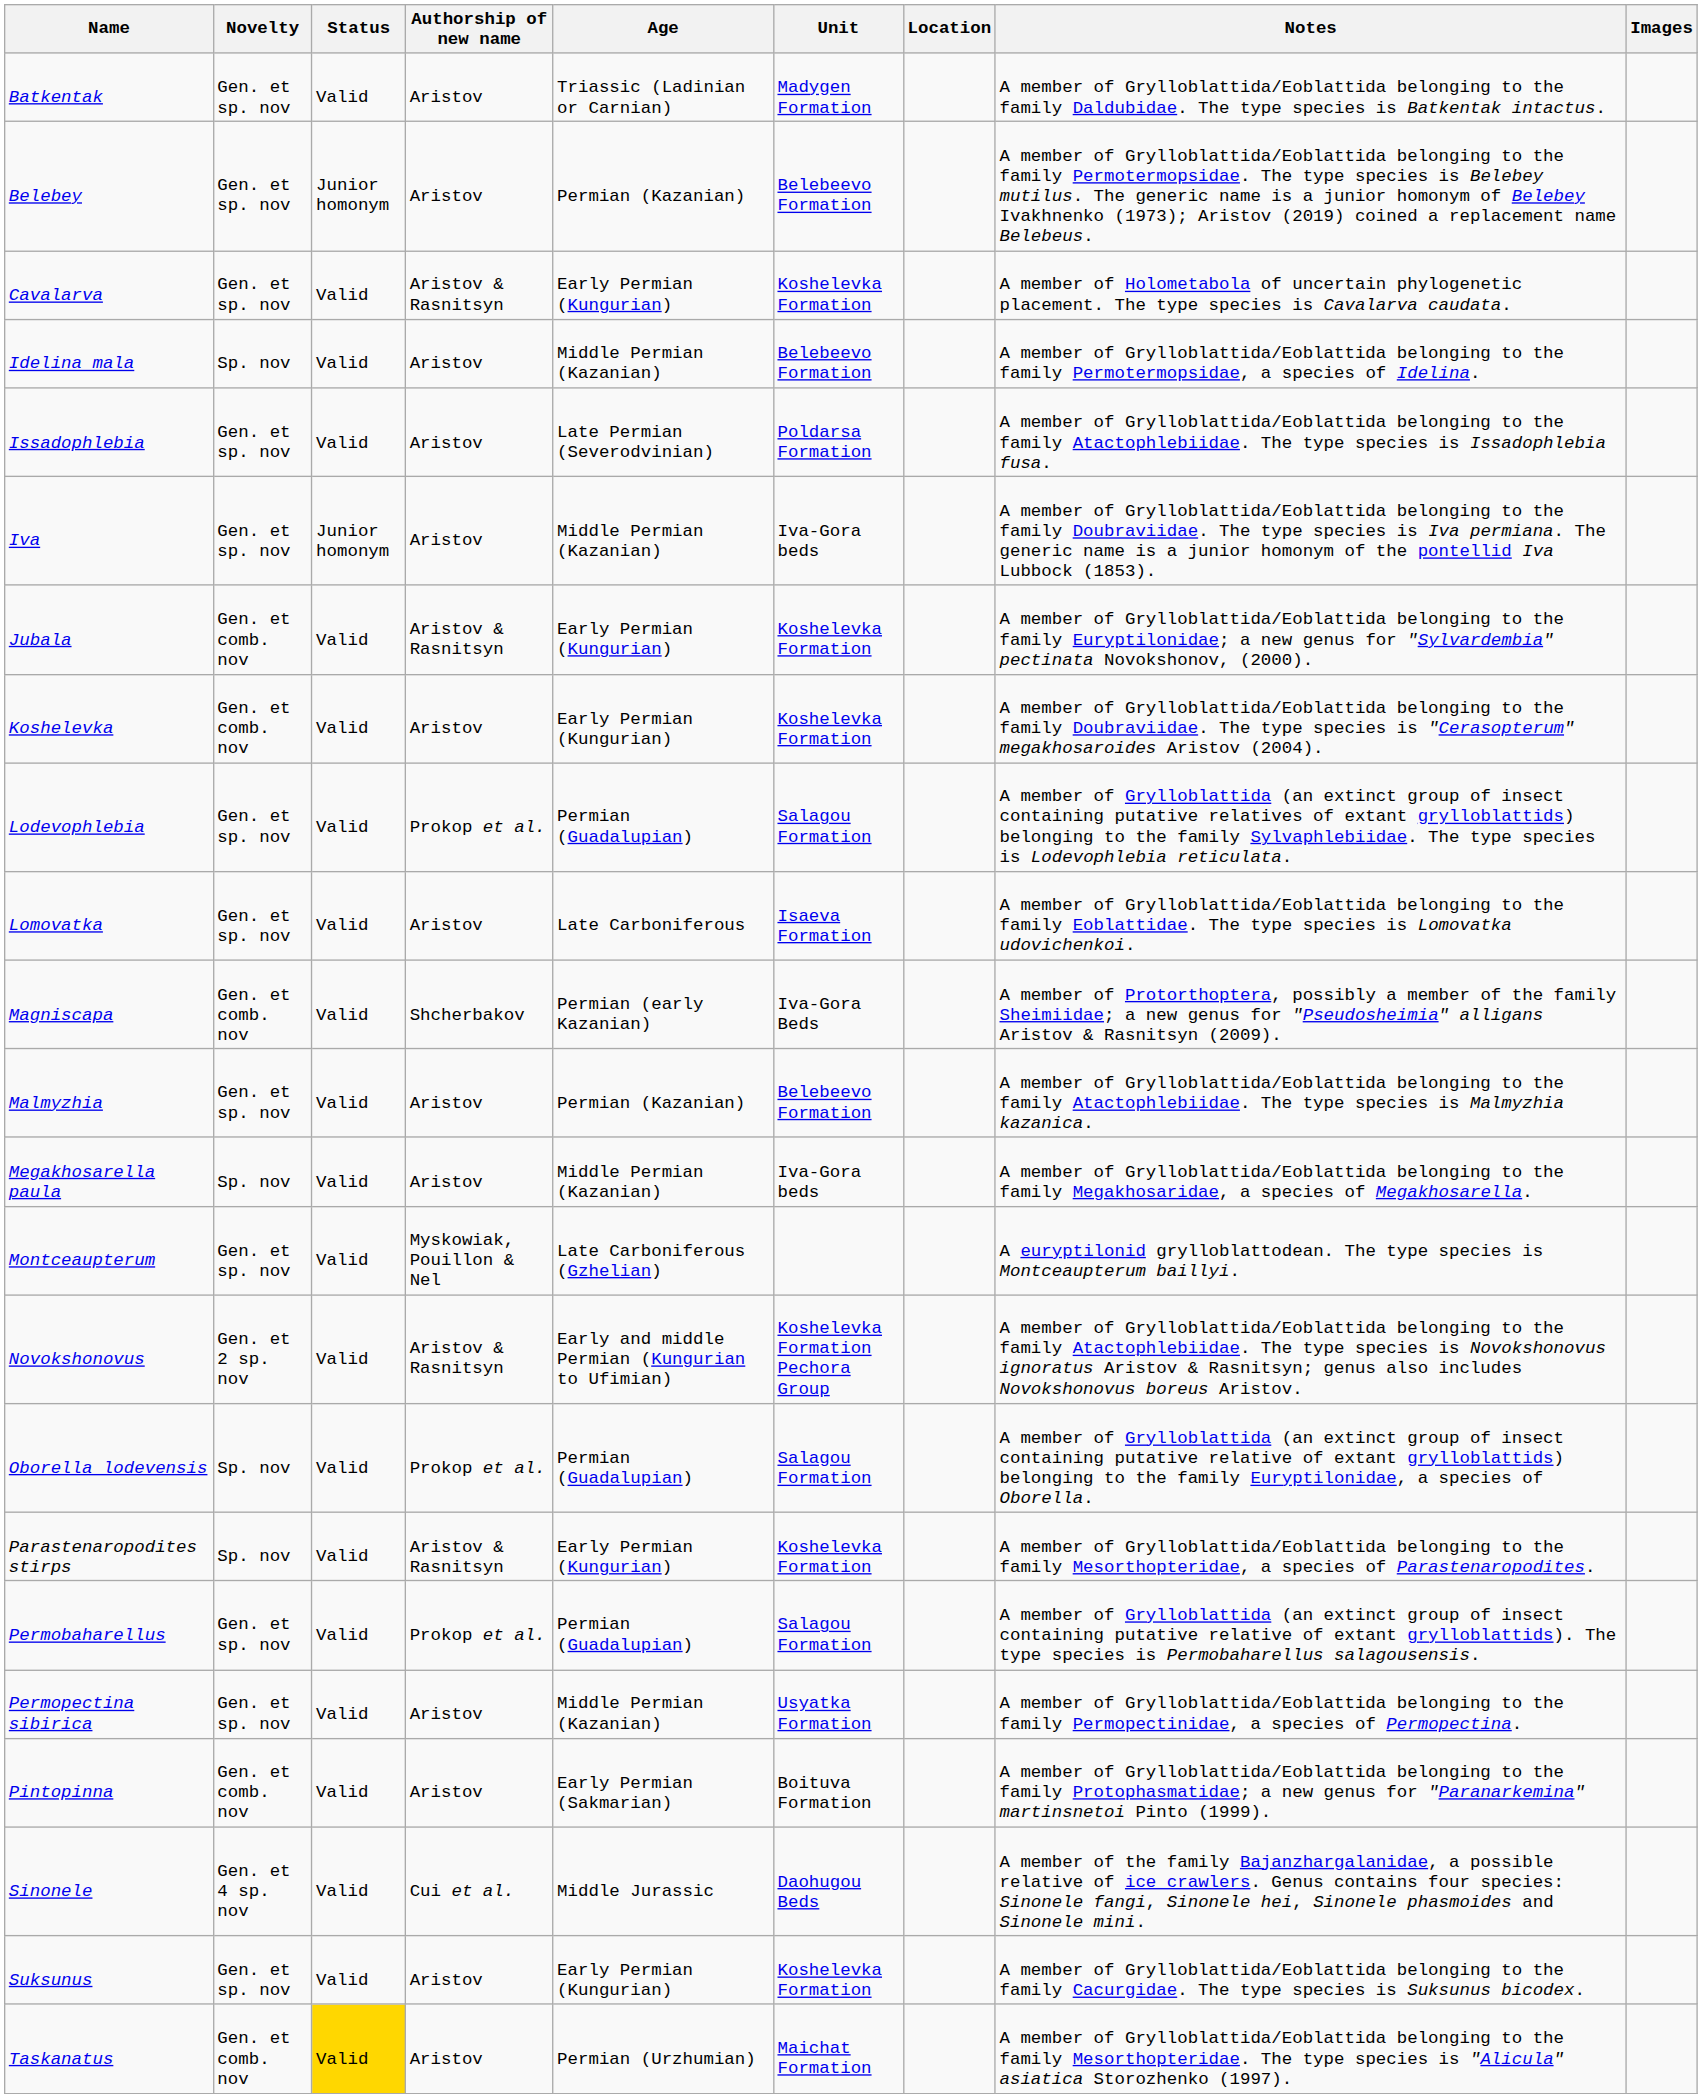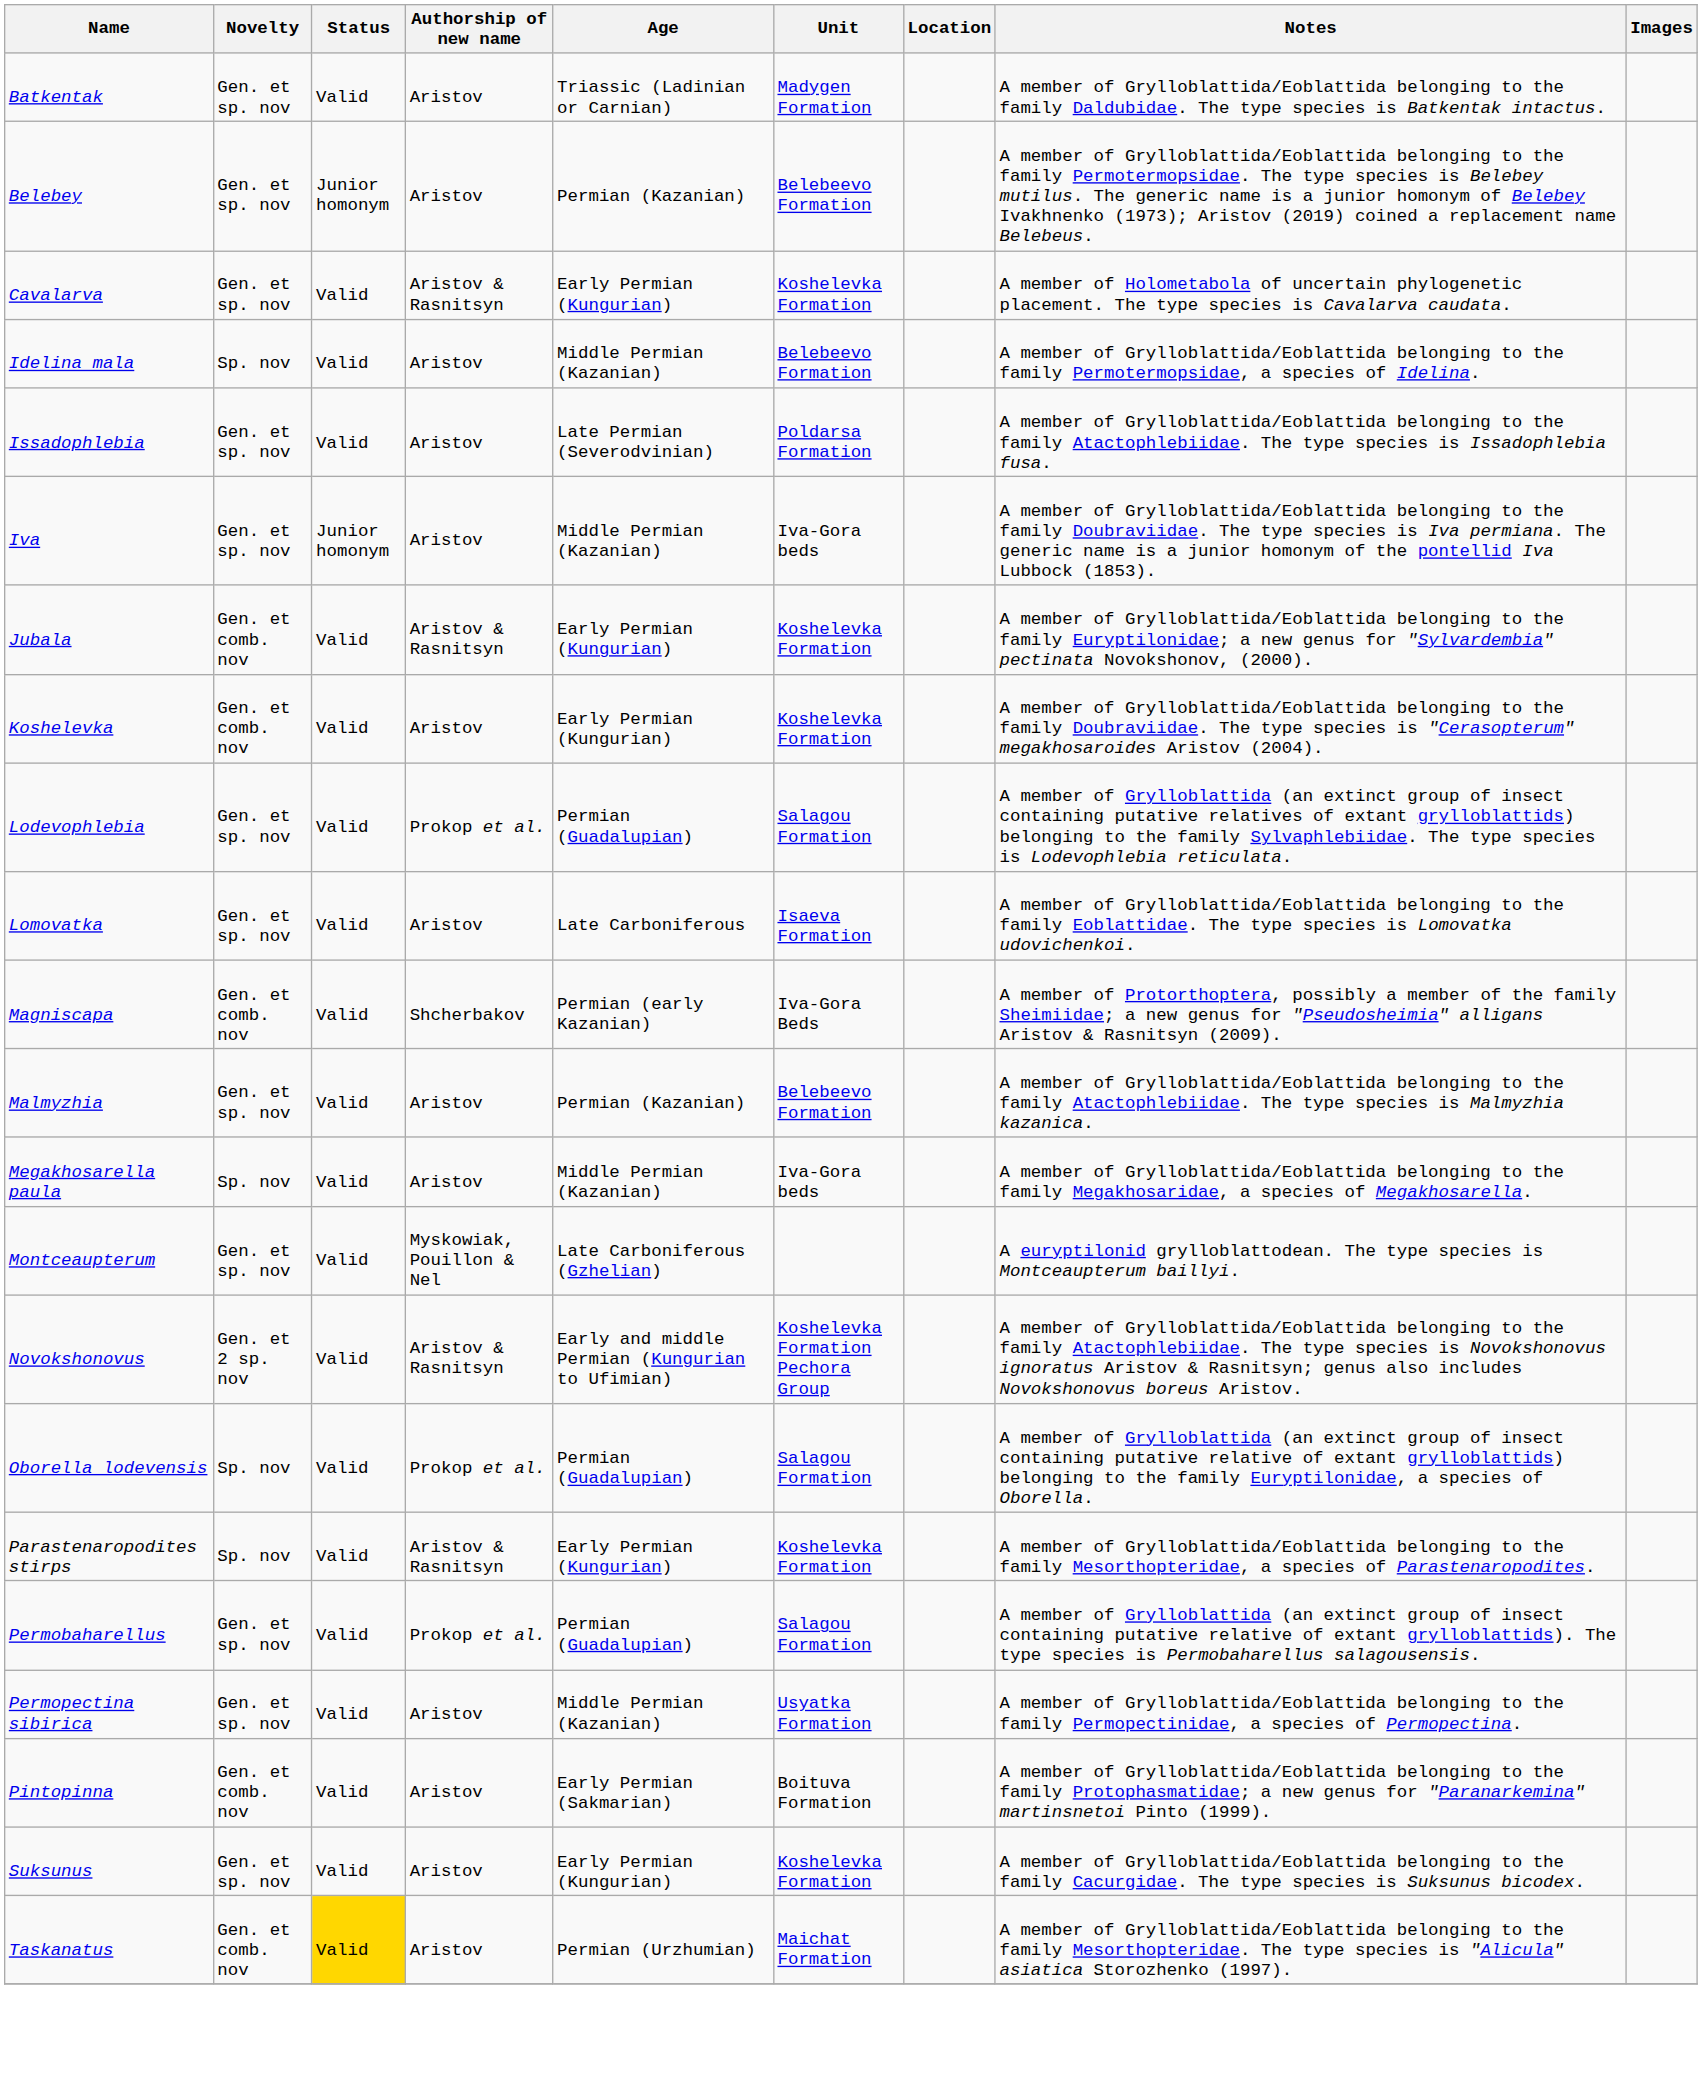 <table class="wikitable sortable" align="center" width="100%">
 <tr>
 <th>Name</th>
 <th>Novelty</th>
 <th>Status</th>
 <th>Authorship of new name</th>
 <th>Age</th>
 <th>Unit</th>
 <th>Location</th>
 <th>Notes</th>
 <th>Images</th>
 </tr>
 <tr>
 <td><br><em><a href='#'>Batkentak</a></em></td>
 <td><br>Gen. et sp. nov</td>
 <td><br>Valid</td>
 <td><br>Aristov</td>
 <td><br>Triassic (Ladinian or Carnian)</td>
 <td><br><a href='#'>Madygen Formation</a></td>
 <td><br></td>
 <td><br>A member of Grylloblattida/Eoblattida belonging to the family <a href='#'>Daldubidae</a>. The type species is <em>Batkentak intactus</em>.</td>
 <td></td>
 </tr>
 <tr>
 <td><br><em><a href='#'>Belebey</a></em></td>
 <td><br>Gen. et sp. nov</td>
 <td><br>Junior homonym</td>
 <td><br>Aristov</td>
 <td><br>Permian (Kazanian)</td>
 <td><br><a href='#'>Belebeevo Formation</a></td>
 <td><br></td>
 <td><br>A member of Grylloblattida/Eoblattida belonging to the family <a href='#'>Permotermopsidae</a>. The type species is <em>Belebey mutilus</em>. The generic name is a junior homonym of <em><a href='#'>Belebey</a></em> Ivakhnenko (1973); Aristov (2019) coined a replacement name <em>Belebeus</em>.</td>
 <td></td>
 </tr>
 <tr>
 <td><br><em><a href='#'>Cavalarva</a></em></td>
 <td><br>Gen. et sp. nov</td>
 <td><br>Valid</td>
 <td><br>Aristov & Rasnitsyn</td>
 <td><br>Early Permian (<a href='#'>Kungurian</a>)</td>
 <td><br><a href='#'>Koshelevka Formation</a></td>
 <td><br></td>
 <td><br>A member of <a href='#'>Holometabola</a> of uncertain phylogenetic placement. The type species is <em>Cavalarva caudata</em>.</td>
 <td></td>
 </tr>
 <tr>
 <td><br><em><a href='#'>Idelina mala</a></em></td>
 <td><br>Sp. nov</td>
 <td><br>Valid</td>
 <td><br>Aristov</td>
 <td><br>Middle Permian (Kazanian)</td>
 <td><br><a href='#'>Belebeevo Formation</a></td>
 <td><br></td>
 <td><br>A member of Grylloblattida/Eoblattida belonging to the family <a href='#'>Permotermopsidae</a>, a species of <em><a href='#'>Idelina</a></em>.</td>
 <td></td>
 </tr>
 <tr>
 <td><br><em><a href='#'>Issadophlebia</a></em></td>
 <td><br>Gen. et sp. nov</td>
 <td><br>Valid</td>
 <td><br>Aristov</td>
 <td><br>Late Permian (Severodvinian)</td>
 <td><br><a href='#'>Poldarsa Formation</a></td>
 <td><br></td>
 <td><br>A member of Grylloblattida/Eoblattida belonging to the family <a href='#'>Atactophlebiidae</a>. The type species is <em>Issadophlebia fusa</em>.</td>
 <td></td>
 </tr>
 <tr>
 <td><br><em><a href='#'>Iva</a></em></td>
 <td><br>Gen. et sp. nov</td>
 <td><br>Junior homonym</td>
 <td><br>Aristov</td>
 <td><br>Middle Permian (Kazanian)</td>
 <td><br>Iva-Gora beds</td>
 <td><br></td>
 <td><br>A member of Grylloblattida/Eoblattida belonging to the family <a href='#'>Doubraviidae</a>. The type species is <em>Iva permiana</em>. The generic name is a junior homonym of the <a href='#'>pontellid</a> <em>Iva</em> Lubbock (1853).</td>
 <td></td>
 </tr>
 <tr>
 <td><br><em><a href='#'>Jubala</a></em></td>
 <td><br>Gen. et comb. nov</td>
 <td><br>Valid</td>
 <td><br>Aristov & Rasnitsyn</td>
 <td><br>Early Permian (<a href='#'>Kungurian</a>)</td>
 <td><br><a href='#'>Koshelevka Formation</a></td>
 <td><br></td>
 <td><br>A member of Grylloblattida/Eoblattida belonging to the family <a href='#'>Euryptilonidae</a>; a new genus for <em>"<a href='#'>Sylvardembia</a>" pectinata</em> Novokshonov, (2000).</td>
 <td></td>
 </tr>
 <tr>
 <td><br><em><a href='#'>Koshelevka</a></em></td>
 <td><br>Gen. et comb. nov</td>
 <td><br>Valid</td>
 <td><br>Aristov</td>
 <td><br>Early Permian (Kungurian)</td>
 <td><br><a href='#'>Koshelevka Formation</a></td>
 <td><br></td>
 <td><br>A member of Grylloblattida/Eoblattida belonging to the family <a href='#'>Doubraviidae</a>. The type species is <em>"<a href='#'>Cerasopterum</a>" megakhosaroides</em> Aristov (2004).</td>
 <td></td>
 </tr>
 <tr>
 <td><br><em><a href='#'>Lodevophlebia</a></em></td>
 <td><br>Gen. et sp. nov</td>
 <td><br>Valid</td>
 <td><br>Prokop <em>et al.</em></td>
 <td><br>Permian (<a href='#'>Guadalupian</a>)</td>
 <td><br><a href='#'>Salagou Formation</a></td>
 <td><br></td>
 <td><br>A member of <a href='#'>Grylloblattida</a> (an extinct group of insect containing putative relatives of extant <a href='#'>grylloblattids</a>) belonging to the family <a href='#'>Sylvaphlebiidae</a>. The type species is <em>Lodevophlebia reticulata</em>.</td>
 <td></td>
 </tr>
 <tr>
 <td><br><em><a href='#'>Lomovatka</a></em></td>
 <td><br>Gen. et sp. nov</td>
 <td><br>Valid</td>
 <td><br>Aristov</td>
 <td><br>Late Carboniferous</td>
 <td><br><a href='#'>Isaeva Formation</a></td>
 <td><br></td>
 <td><br>A member of Grylloblattida/Eoblattida belonging to the family <a href='#'>Eoblattidae</a>. The type species is <em>Lomovatka udovichenkoi</em>.</td>
 <td></td>
 </tr>
 <tr>
 <td><br><em><a href='#'>Magniscapa</a></em></td>
 <td><br>Gen. et comb. nov</td>
 <td><br>Valid</td>
 <td><br>Shcherbakov</td>
 <td><br>Permian (early Kazanian)</td>
 <td><br>Iva-Gora Beds</td>
 <td><br></td>
 <td><br>A member of <a href='#'>Protorthoptera</a>, possibly a member of the family <a href='#'>Sheimiidae</a>; a new genus for <em>"<a href='#'>Pseudosheimia</a>" alligans</em> Aristov & Rasnitsyn (2009).</td>
 <td></td>
 </tr>
 <tr>
 <td><br><em><a href='#'>Malmyzhia</a></em></td>
 <td><br>Gen. et sp. nov</td>
 <td><br>Valid</td>
 <td><br>Aristov</td>
 <td><br>Permian (Kazanian)</td>
 <td><br><a href='#'>Belebeevo Formation</a></td>
 <td><br></td>
 <td><br>A member of Grylloblattida/Eoblattida belonging to the family <a href='#'>Atactophlebiidae</a>. The type species is <em>Malmyzhia kazanica</em>.</td>
 <td></td>
 </tr>
 <tr>
 <td><br><em><a href='#'>Megakhosarella paula</a></em></td>
 <td><br>Sp. nov</td>
 <td><br>Valid</td>
 <td><br>Aristov</td>
 <td><br>Middle Permian (Kazanian)</td>
 <td><br>Iva-Gora beds</td>
 <td><br></td>
 <td><br>A member of Grylloblattida/Eoblattida belonging to the family <a href='#'>Megakhosaridae</a>, a species of <em><a href='#'>Megakhosarella</a></em>.</td>
 <td></td>
 </tr>
 <tr>
 <td><br><em><a href='#'>Montceaupterum</a></em></td>
 <td><br>Gen. et sp. nov</td>
 <td><br>Valid</td>
 <td><br>Myskowiak, Pouillon & Nel</td>
 <td><br>Late Carboniferous (<a href='#'>Gzhelian</a>)</td>
 <td></td>
 <td><br></td>
 <td><br>A <a href='#'>euryptilonid</a> grylloblattodean. The type species is <em>Montceaupterum baillyi</em>.</td>
 <td></td>
 </tr>
 <tr>
 <td><br><em><a href='#'>Novokshonovus</a></em></td>
 <td><br>Gen. et 2 sp. nov</td>
 <td><br>Valid</td>
 <td><br>Aristov & Rasnitsyn</td>
 <td><br>Early and middle Permian (<a href='#'>Kungurian</a> to Ufimian)</td>
 <td><br><a href='#'>Koshelevka Formation</a><br> <a href='#'>Pechora Group</a></td>
 <td><br></td>
 <td><br>A member of Grylloblattida/Eoblattida belonging to the family <a href='#'>Atactophlebiidae</a>. The type species is <em>Novokshonovus ignoratus</em> Aristov & Rasnitsyn; genus also includes <em>Novokshonovus boreus</em> Aristov.</td>
 <td></td>
 </tr>
 <tr>
 <td><br><em><a href='#'>Oborella lodevensis</a></em></td>
 <td><br>Sp. nov</td>
 <td><br>Valid</td>
 <td><br>Prokop <em>et al.</em></td>
 <td><br>Permian (<a href='#'>Guadalupian</a>)</td>
 <td><br><a href='#'>Salagou Formation</a></td>
 <td><br></td>
 <td><br>A member of <a href='#'>Grylloblattida</a> (an extinct group of insect containing putative relative of extant <a href='#'>grylloblattids</a>) belonging to the family <a href='#'>Euryptilonidae</a>, a species of <em>Oborella</em>.</td>
 <td></td>
 </tr>
 <tr>
 <td><br><em>Parastenaropodites stirps</em></td>
 <td><br>Sp. nov</td>
 <td><br>Valid</td>
 <td><br>Aristov & Rasnitsyn</td>
 <td><br>Early Permian (<a href='#'>Kungurian</a>)</td>
 <td><br><a href='#'>Koshelevka Formation</a></td>
 <td><br></td>
 <td><br>A member of Grylloblattida/Eoblattida belonging to the family <a href='#'>Mesorthopteridae</a>, a species of <em><a href='#'>Parastenaropodites</a></em>.</td>
 <td></td>
 </tr>
 <tr>
 <td><br><em><a href='#'>Permobaharellus</a></em></td>
 <td><br>Gen. et sp. nov</td>
 <td><br>Valid</td>
 <td><br>Prokop <em>et al.</em></td>
 <td><br>Permian (<a href='#'>Guadalupian</a>)</td>
 <td><br><a href='#'>Salagou Formation</a></td>
 <td><br></td>
 <td><br>A member of <a href='#'>Grylloblattida</a> (an extinct group of insect containing putative relative of extant <a href='#'>grylloblattids</a>). The type species is <em>Permobaharellus salagousensis</em>.</td>
 <td></td>
 </tr>
 <tr>
 <td><br><em><a href='#'>Permopectina sibirica</a></em></td>
 <td><br>Gen. et sp. nov</td>
 <td><br>Valid</td>
 <td><br>Aristov</td>
 <td><br>Middle Permian (Kazanian)</td>
 <td><br><a href='#'>Usyatka Formation</a></td>
 <td><br></td>
 <td><br>A member of Grylloblattida/Eoblattida belonging to the family <a href='#'>Permopectinidae</a>, a species of <em><a href='#'>Permopectina</a></em>.</td>
 <td></td>
 </tr>
 <tr>
 <td><br><em><a href='#'>Pintopinna</a></em></td>
 <td><br>Gen. et comb. nov</td>
 <td><br>Valid</td>
 <td><br>Aristov</td>
 <td><br>Early Permian (Sakmarian)</td>
 <td><br>Boituva Formation</td>
 <td><br></td>
 <td><br>A member of Grylloblattida/Eoblattida belonging to the family <a href='#'>Protophasmatidae</a>; a new genus for <em>"<a href='#'>Paranarkemina</a>" martinsnetoi</em> Pinto (1999).</td>
 <td></td>
 </tr>
 <tr>
-<td><br><em><a href='#'>Sinonele</a></em></td>
-<td><br>Gen. et 4 sp. nov</td>
-<td><br>Valid</td>
-<td><br>Cui <em>et al.</em></td>
-<td><br>Middle Jurassic</td>
-<td><br><a href='#'>Daohugou Beds</a></td>
-<td><br></td>
-<td><br>A member of the family <a href='#'>Bajanzhargalanidae</a>, a possible relative of <a href='#'>ice crawlers</a>. Genus contains four species: <em>Sinonele fangi</em>, <em>Sinonele hei</em>, <em>Sinonele phasmoides</em> and <em>Sinonele mini</em>.</td>
-<td></td>
-</tr>
-<tr>
 <td><br><em><a href='#'>Suksunus</a></em></td>
 <td><br>Gen. et sp. nov</td>
 <td><br>Valid</td>
 <td><br>Aristov</td>
 <td><br>Early Permian (Kungurian)</td>
 <td><br><a href='#'>Koshelevka Formation</a></td>
 <td><br></td>
 <td><br>A member of Grylloblattida/Eoblattida belonging to the family <a href='#'>Cacurgidae</a>. The type species is <em>Suksunus bicodex</em>.</td>
 <td></td>
 </tr>
 <tr>
 <td><br><em><a href='#'>Taskanatus</a></em></td>
 <td><br>Gen. et comb. nov</td>
 <td style="background: gold;"><br>Valid</td>
 <td><br>Aristov</td>
 <td><br>Permian (Urzhumian)</td>
 <td><br><a href='#'>Maichat Formation</a></td>
 <td><br></td>
 <td><br>A member of Grylloblattida/Eoblattida belonging to the family <a href='#'>Mesorthopteridae</a>. The type species is <em>"<a href='#'>Alicula</a>" asiatica</em> Storozhenko (1997).</td>
 <td></td>
 </tr>
 <tr>
 </tr>
 </table>
